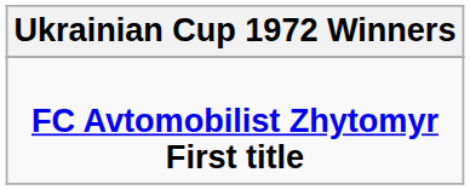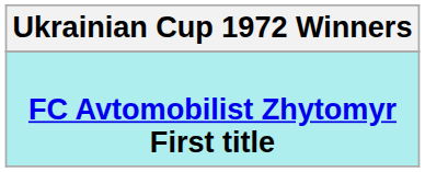 <table class="wikitable" style="text-align: center; margin: 0 auto;">
 <tr>
 <th>Ukrainian Cup 1972 Winners</th>
 </tr>
 <tr>
 </tr>
 <tr>
-<td><br><strong><a href='#'>FC Avtomobilist Zhytomyr</a></strong><br><strong>First title</strong></td>
+<td style="background: paleturquoise;"><br><strong><a href='#'>FC Avtomobilist Zhytomyr</a></strong><br><strong>First title</strong></td>
 </tr>
 </table>
